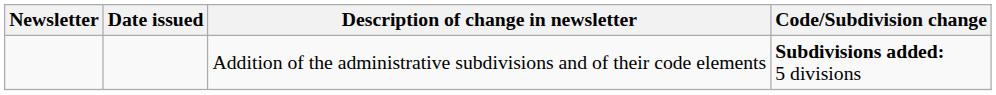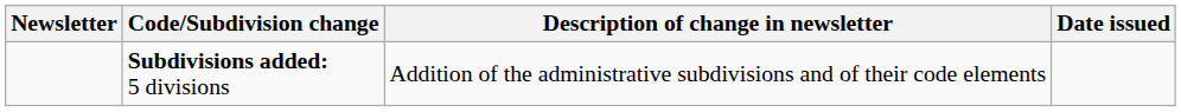 <table class="wikitable">
 <tr>
 <th>Newsletter</th>
+<th>Code/Subdivision change</th>
+<th>Description of change in newsletter</th>
 <th>Date issued</th>
-<th>Description of change in newsletter</th>
-<th>Code/Subdivision change</th>
 </tr>
 <tr>
 <td id="I-8"></td>
+<td style=white-space:nowrap><strong>Subdivisions added:</strong><br> 5 divisions</td>
+<td>Addition of the administrative subdivisions and of their code elements</td>
 <td></td>
-<td>Addition of the administrative subdivisions and of their code elements</td>
-<td style=white-space:nowrap><strong>Subdivisions added:</strong><br> 5 divisions</td>
 </tr>
 </table>
